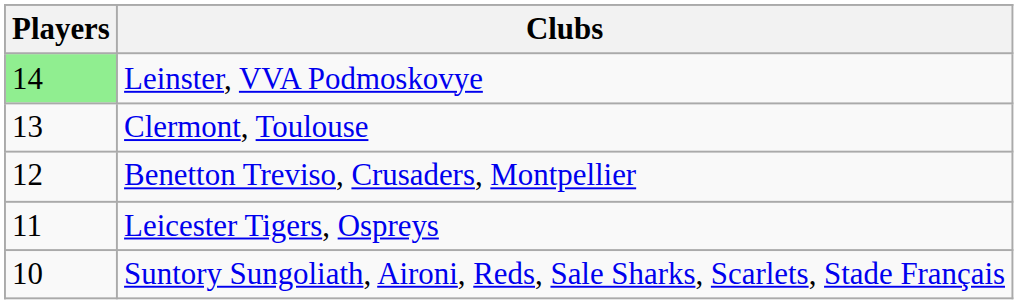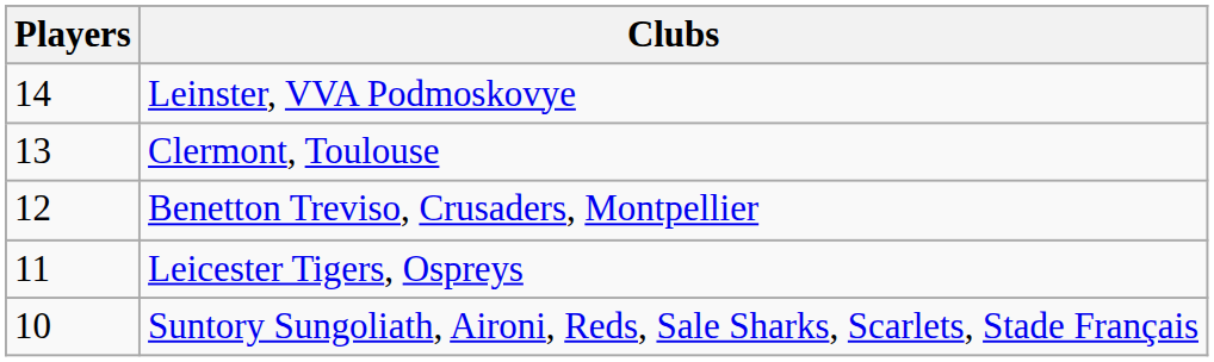 <table class="wikitable">
 <tr>
 <th>Players</th>
 <th>Clubs</th>
 </tr>
 <tr>
-<td style="background: lightgreen;">14</td>
+<td>14</td>
 <td> <a href='#'>Leinster</a>,  <a href='#'>VVA Podmoskovye</a></td>
 </tr>
 <tr>
 <td>13</td>
 <td> <a href='#'>Clermont</a>,  <a href='#'>Toulouse</a></td>
 </tr>
 <tr>
 <td>12</td>
 <td> <a href='#'>Benetton Treviso</a>,  <a href='#'>Crusaders</a>,  <a href='#'>Montpellier</a></td>
 </tr>
 <tr>
 <td>11</td>
 <td> <a href='#'>Leicester Tigers</a>,  <a href='#'>Ospreys</a></td>
 </tr>
 <tr>
 <td>10</td>
 <td> <a href='#'>Suntory Sungoliath</a>,  <a href='#'>Aironi</a>,  <a href='#'>Reds</a>,  <a href='#'>Sale Sharks</a>,  <a href='#'>Scarlets</a>,  <a href='#'>Stade Français</a></td>
 </tr>
 </table>
